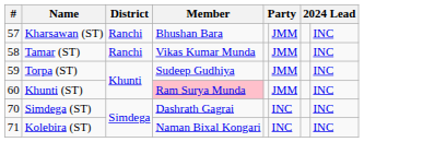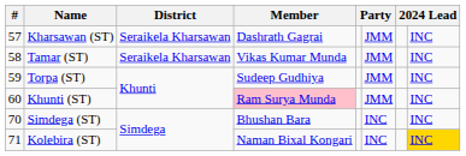 <table class="wikitable">
 <tr>
 <th>#</th>
 <th>Name</th>
 <th>District</th>
 <th>Member</th>
 <th colspan="2">Party</th>
 <th colspan="2">2024 Lead</th>
 </tr>
 <tr>
 <td>57</td>
 <td><a href='#'>Kharsawan</a> (ST)</td>
-<td><a href='#'>Ranchi</a></td>
-<td><a href='#'>Bhushan Bara</a></td>
+<td><a href='#'>Seraikela Kharsawan</a></td>
+<td><a href='#'>Dashrath Gagrai</a></td>
 <td style="background-color: "></td>
 <td><a href='#'>JMM</a></td>
 <td style="background-color: "></td>
 <td><a href='#'>INC</a></td>
 </tr>
 <tr>
 <td>58</td>
 <td><a href='#'>Tamar</a> (ST)</td>
-<td><a href='#'>Ranchi</a></td>
+<td><a href='#'>Seraikela Kharsawan</a></td>
 <td><a href='#'>Vikas Kumar Munda</a></td>
 <td style="background-color: "></td>
 <td><a href='#'>JMM</a></td>
 <td style="background-color: "></td>
 <td><a href='#'>INC</a></td>
 </tr>
 <tr>
 <td>59</td>
 <td><a href='#'>Torpa</a> (ST)</td>
 <td rowspan="2"><a href='#'>Khunti</a></td>
 <td><a href='#'>Sudeep Gudhiya</a></td>
 <td style="background-color: "></td>
 <td><a href='#'>JMM</a></td>
 <td style="background-color: "></td>
 <td><a href='#'>INC</a></td>
 </tr>
 <tr>
 <td>60</td>
 <td><a href='#'>Khunti</a> (ST)</td>
 <td style="background: pink;"><a href='#'>Ram Surya Munda</a></td>
 <td style="background-color: "></td>
 <td><a href='#'>JMM</a></td>
 <td style="background-color: "></td>
 <td><a href='#'>INC</a></td>
 </tr>
 <tr>
 <td>70</td>
 <td><a href='#'>Simdega</a> (ST)</td>
 <td rowspan="2"><a href='#'>Simdega</a></td>
-<td><a href='#'>Dashrath Gagrai</a></td>
+<td><a href='#'>Bhushan Bara</a></td>
 <td style="background-color: "></td>
 <td><a href='#'>INC</a></td>
 <td style="background-color: "></td>
 <td><a href='#'>INC</a></td>
 </tr>
 <tr>
 <td>71</td>
 <td><a href='#'>Kolebira</a> (ST)</td>
 <td><a href='#'>Naman Bixal Kongari</a></td>
 <td style="background-color: "></td>
 <td><a href='#'>INC</a></td>
 <td style="background-color: "></td>
-<td><a href='#'>INC</a></td>
+<td style="background: gold;"><a href='#'>INC</a></td>
 </tr>
 </table>
